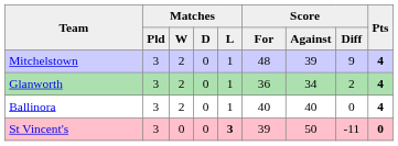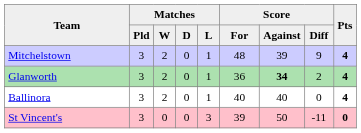 <table style=border-collapse:collapse border=1 cellspacing=0 cellpadding=5>
 <tr align=center bgcolor=#efefef>
 <th rowspan=2 width=165>Team</th>
 <th colspan=4>Matches</th>
 <th colspan=3>Score</th>
 <th rowspan=2width=20>Pts</th>
 </tr>
 <tr align=center bgcolor=#efefef>
 <th width=20>Pld</th>
 <th width=20>W</th>
 <th width=20>D</th>
 <th width=20>L</th>
 <th width=45>For</th>
 <th width=45>Against</th>
 <th width=30>Diff</th>
 </tr>
 <tr align=center style="background:#ccccff;">
 <td style="text-align:left;"><a href='#'>Mitchelstown</a></td>
 <td>3</td>
 <td>2</td>
 <td>0</td>
 <td>1</td>
 <td>48</td>
 <td>39</td>
 <td>9</td>
 <td><strong>4</strong></td>
 </tr>
 <tr align=center style="background:#ACE1AF;">
 <td style="text-align:left;"><a href='#'>Glanworth</a></td>
 <td>3</td>
 <td>2</td>
 <td>0</td>
 <td>1</td>
 <td>36</td>
-<td>34</td>
+<td><strong>34</strong></td>
 <td>2</td>
 <td><strong>4</strong></td>
 </tr>
 <tr align=center>
 <td style="text-align:left;"><a href='#'>Ballinora</a></td>
 <td>3</td>
 <td>2</td>
 <td>0</td>
 <td>1</td>
 <td>40</td>
 <td>40</td>
 <td>0</td>
 <td><strong>4</strong></td>
 </tr>
 <tr align=center style="background:#FFC0CB;">
 <td style="text-align:left;"><a href='#'>St Vincent's</a></td>
 <td>3</td>
 <td>0</td>
 <td>0</td>
-<td><strong>3</strong></td>
+<td>3</td>
 <td>39</td>
 <td>50</td>
 <td>-11</td>
 <td><strong>0</strong></td>
 </tr>
 </table>
